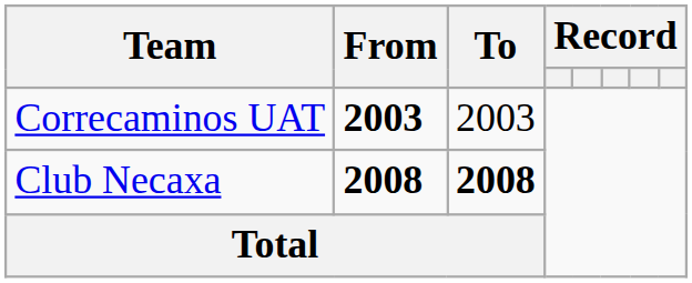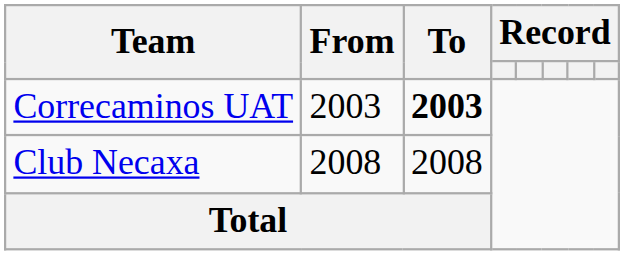 <table class=wikitable style="text-align:center">
 <tr>
 <th rowspan=2>Team</th>
 <th rowspan=2>From</th>
 <th rowspan=2>To</th>
 <th colspan=5>Record</th>
 </tr>
 <tr>
 <th></th>
 <th></th>
 <th></th>
 <th></th>
 <th></th>
 </tr>
 <tr>
 <td align=left><a href='#'>Correcaminos UAT</a></td>
-<td align=left><strong>2003</strong></td>
-<td align=left>2003<br></td>
+<td align=left>2003</td>
+<td align=left><strong>2003<br></strong></td>
 </tr>
 <tr>
 <td align=left><a href='#'>Club Necaxa</a></td>
-<td align=left><strong>2008</strong></td>
-<td align=left><strong>2008<br></strong></td>
+<td align=left>2008</td>
+<td align=left>2008<br></td>
 </tr>
 <tr>
 <th colspan=3>Total<br></th>
 </tr>
 </table>
